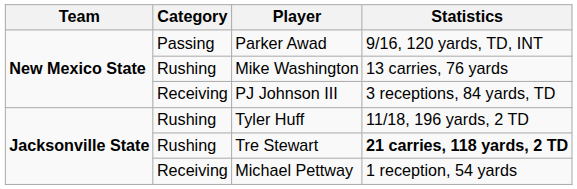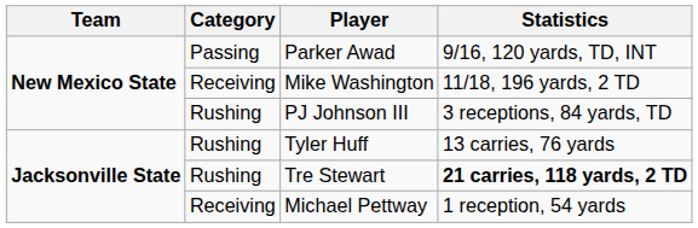 <table class="wikitable" style="float: right;">
 <tr>
 <th>Team</th>
 <th>Category</th>
 <th>Player</th>
 <th>Statistics</th>
 </tr>
 <tr>
 <td rowspan=3><strong>New Mexico State</strong></td>
 <td>Passing</td>
 <td>Parker Awad</td>
 <td>9/16, 120 yards, TD, INT</td>
 </tr>
 <tr>
-<td>Rushing</td>
+<td>Receiving</td>
 <td>Mike Washington</td>
-<td>13 carries, 76 yards</td>
+<td>11/18, 196 yards, 2 TD</td>
 </tr>
 <tr>
-<td>Receiving</td>
+<td>Rushing</td>
 <td>PJ Johnson III</td>
 <td>3 receptions, 84 yards, TD</td>
 </tr>
 <tr>
 <td rowspan=3><strong>Jacksonville State</strong></td>
 <td>Rushing</td>
 <td>Tyler Huff</td>
-<td>11/18, 196 yards, 2 TD</td>
+<td>13 carries, 76 yards</td>
 </tr>
 <tr>
 <td>Rushing</td>
 <td>Tre Stewart</td>
 <td><strong>21 carries, 118 yards, 2 TD</strong></td>
 </tr>
 <tr>
 <td>Receiving</td>
 <td>Michael Pettway</td>
 <td>1 reception, 54 yards</td>
 </tr>
 </table>
